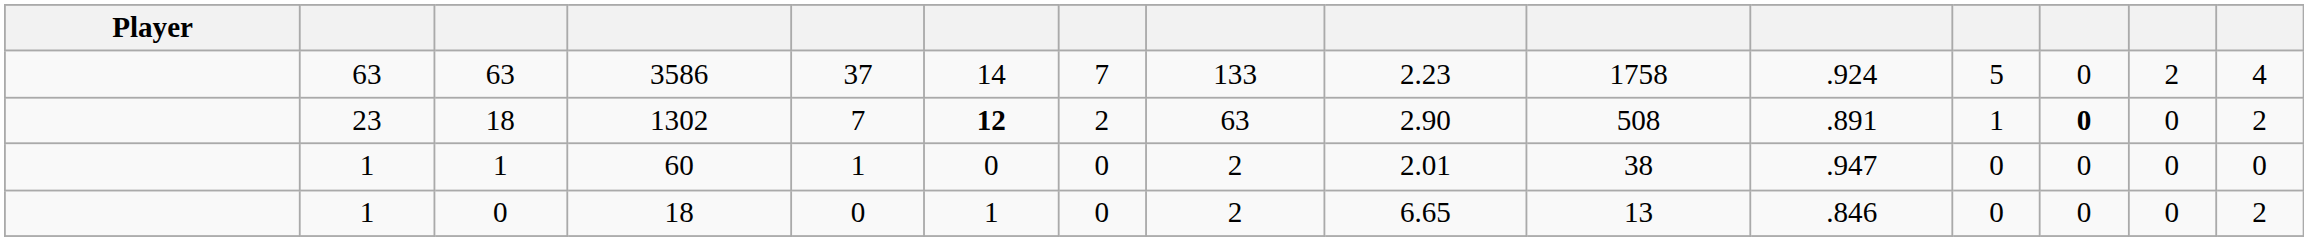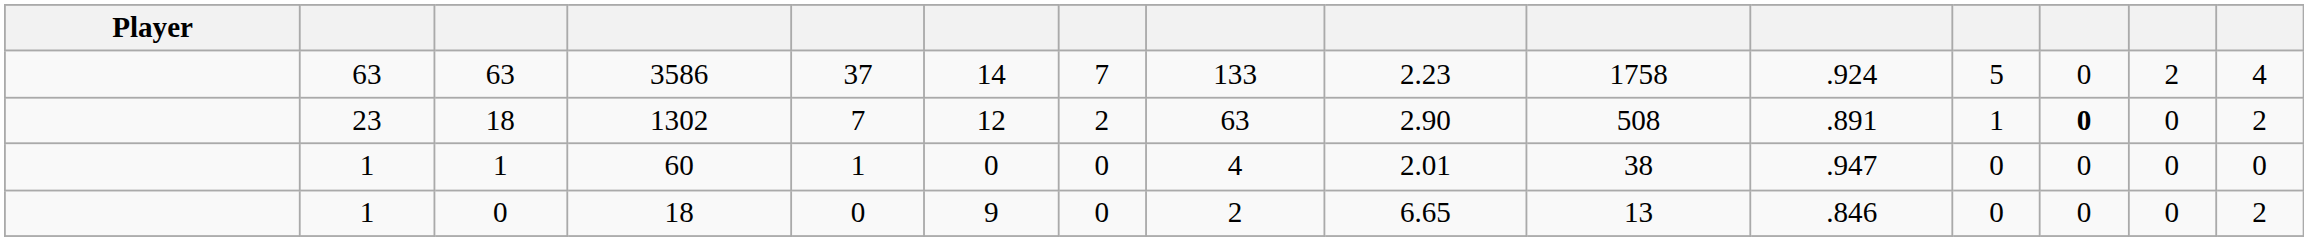 <table class="wikitable sortable" style="width:100%; text-align:center;">
 <tr style="text-align:center; background:#ddd;">
 <th>Player</th>
 <th></th>
 <th></th>
 <th></th>
 <th></th>
 <th></th>
 <th></th>
 <th></th>
 <th></th>
 <th></th>
 <th></th>
 <th></th>
 <th></th>
 <th></th>
 <th></th>
 </tr>
 <tr>
 <td></td>
 <td>63</td>
 <td>63</td>
 <td>3586</td>
 <td>37</td>
 <td>14</td>
 <td>7</td>
 <td>133</td>
 <td>2.23</td>
 <td>1758</td>
 <td>.924</td>
 <td>5</td>
 <td>0</td>
 <td>2</td>
 <td>4</td>
 </tr>
 <tr>
 <td></td>
 <td>23</td>
 <td>18</td>
 <td>1302</td>
 <td>7</td>
-<td><strong>12</strong></td>
+<td>12</td>
 <td>2</td>
 <td>63</td>
 <td>2.90</td>
 <td>508</td>
 <td>.891</td>
 <td>1</td>
 <td><strong>0</strong></td>
 <td>0</td>
 <td>2</td>
 </tr>
 <tr>
 <td></td>
 <td>1</td>
 <td>1</td>
 <td>60</td>
 <td>1</td>
 <td>0</td>
 <td>0</td>
-<td>2</td>
+<td>4</td>
 <td>2.01</td>
 <td>38</td>
 <td>.947</td>
 <td>0</td>
 <td>0</td>
 <td>0</td>
 <td>0</td>
 </tr>
 <tr>
 <td></td>
 <td>1</td>
 <td>0</td>
 <td>18</td>
 <td>0</td>
-<td>1</td>
+<td>9</td>
 <td>0</td>
 <td>2</td>
 <td>6.65</td>
 <td>13</td>
 <td>.846</td>
 <td>0</td>
 <td>0</td>
 <td>0</td>
 <td>2</td>
 </tr>
 </table>
